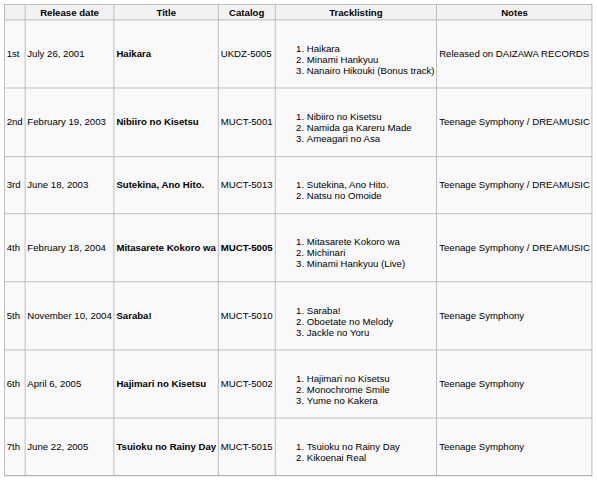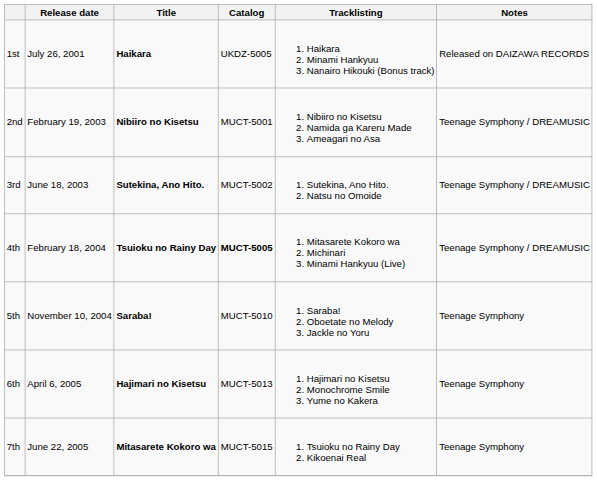 <table class="wikitable" style=font-size:small>
 <tr>
 <th> </th>
 <th>Release date</th>
 <th>Title</th>
 <th>Catalog</th>
 <th>Tracklisting</th>
 <th>Notes</th>
 </tr>
 <tr>
 <td>1st</td>
 <td>July 26, 2001</td>
 <td><strong>Haikara</strong></td>
 <td>UKDZ-5005</td>
 <td><br><ol><li>Haikara</li><li>Minami Hankyuu</li><li>Nanairo Hikouki (Bonus track)</li></ol></td>
 <td>Released on DAIZAWA RECORDS</td>
 </tr>
 <tr>
 <td>2nd</td>
 <td>February 19, 2003</td>
 <td><strong>Nibiiro no Kisetsu</strong></td>
 <td>MUCT-5001</td>
 <td><br><ol><li>Nibiiro no Kisetsu</li><li>Namida ga Kareru Made</li><li>Ameagari no Asa</li></ol></td>
 <td>Teenage Symphony / DREAMUSIC</td>
 </tr>
 <tr>
 <td>3rd</td>
 <td>June 18, 2003</td>
 <td><strong>Sutekina, Ano Hito.</strong></td>
-<td>MUCT-5013</td>
+<td>MUCT-5002</td>
 <td><br><ol><li>Sutekina, Ano Hito.</li><li>Natsu no Omoide</li></ol></td>
 <td>Teenage Symphony / DREAMUSIC</td>
 </tr>
 <tr>
 <td>4th</td>
 <td>February 18, 2004</td>
-<td><strong>Mitasarete Kokoro wa</strong></td>
+<td><strong>Tsuioku no Rainy Day</strong></td>
 <td><strong>MUCT-5005</strong></td>
 <td><br><ol><li>Mitasarete Kokoro wa</li><li>Michinari</li><li>Minami Hankyuu (Live)</li></ol></td>
 <td>Teenage Symphony / DREAMUSIC</td>
 </tr>
 <tr>
 <td>5th</td>
 <td>November 10, 2004</td>
 <td><strong>Saraba!</strong></td>
 <td>MUCT-5010</td>
 <td><br><ol><li>Saraba!</li><li>Oboetate no Melody</li><li>Jackle no Yoru</li></ol></td>
 <td>Teenage Symphony</td>
 </tr>
 <tr>
 <td>6th</td>
 <td>April 6, 2005</td>
 <td><strong>Hajimari no Kisetsu</strong></td>
-<td>MUCT-5002</td>
+<td>MUCT-5013</td>
 <td><br><ol><li>Hajimari no Kisetsu</li><li>Monochrome Smile</li><li>Yume no Kakera</li></ol></td>
 <td>Teenage Symphony</td>
 </tr>
 <tr>
 <td>7th</td>
 <td>June 22, 2005</td>
-<td><strong>Tsuioku no Rainy Day</strong></td>
+<td><strong>Mitasarete Kokoro wa</strong></td>
 <td>MUCT-5015</td>
 <td><br><ol><li>Tsuioku no Rainy Day</li><li>Kikoenai Real</li></ol></td>
 <td>Teenage Symphony</td>
 </tr>
 <tr>
 </tr>
 </table>
